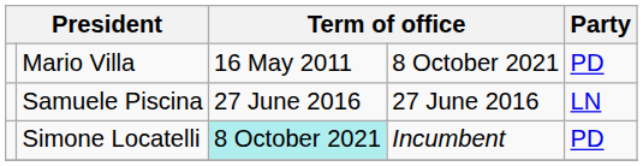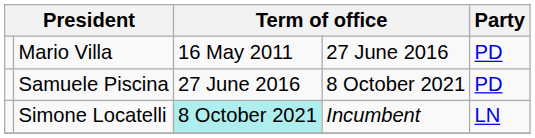 <table class="wikitable">
 <tr>
 <th colspan="2">President</th>
 <th colspan="2">Term of office</th>
 <th>Party</th>
 </tr>
 <tr>
 <td style="background-color: "></td>
 <td>Mario Villa</td>
 <td>16 May 2011</td>
-<td>8 October 2021</td>
+<td>27 June 2016</td>
 <td><a href='#'>PD</a></td>
 </tr>
 <tr>
 <td style="background-color: "></td>
 <td>Samuele Piscina</td>
 <td>27 June 2016</td>
-<td>27 June 2016</td>
-<td><a href='#'>LN</a></td>
+<td>8 October 2021</td>
+<td><a href='#'>PD</a></td>
 </tr>
 <tr>
 <td style="background-color: "></td>
 <td>Simone Locatelli</td>
 <td style="background: paleturquoise;">8 October 2021</td>
 <td><em>Incumbent</em></td>
-<td><a href='#'>PD</a></td>
+<td><a href='#'>LN</a></td>
 </tr>
 <tr>
 </tr>
 </table>
